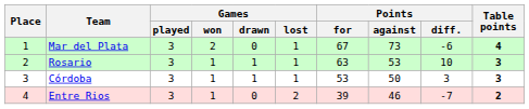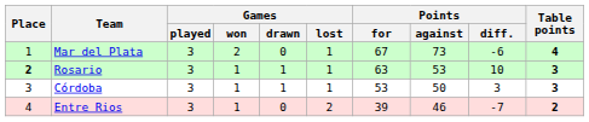 <table class="wikitable">
 <tr>
 <th rowspan=2 width="8%">Place</th>
 <th rowspan=2 width="20%">Team</th>
 <th colspan=4 width="32%">Games</th>
 <th colspan=3 width="30%">Points</th>
 <th rowspan=2 width="10%">Table<br>points</th>
 </tr>
 <tr>
 <th width="8%">played</th>
 <th width="8%">won</th>
 <th width="8%">drawn</th>
 <th width="8%">lost</th>
 <th width="10%">for</th>
 <th width="10%">against</th>
 <th width="10%">diff.</th>
 </tr>
 <tr align=center style="background: #ccffcc;">
 <td>1</td>
 <td align=left><a href='#'>Mar del Plata</a></td>
 <td>3</td>
 <td>2</td>
 <td>0</td>
 <td>1</td>
 <td>67</td>
 <td>73</td>
 <td>-6</td>
 <td><strong>4</strong></td>
 </tr>
 <tr align=center style="background: #ccffcc;">
-<td>2</td>
+<td><strong>2</strong></td>
 <td align=left><a href='#'>Rosario</a></td>
 <td>3</td>
 <td>1</td>
 <td>1</td>
 <td>1</td>
 <td>63</td>
 <td>53</td>
 <td>10</td>
 <td><strong>3</strong></td>
 </tr>
 <tr align=center style="background: #ffffff;">
 <td>3</td>
 <td align=left><a href='#'>Córdoba</a></td>
 <td>3</td>
 <td>1</td>
 <td>1</td>
 <td>1</td>
 <td>53</td>
 <td>50</td>
 <td>3</td>
 <td><strong>3</strong></td>
 </tr>
 <tr align=center style="background: #ffdddd;">
 <td>4</td>
 <td align=left><a href='#'>Entre Rios</a></td>
 <td>3</td>
 <td>1</td>
 <td>0</td>
 <td>2</td>
 <td>39</td>
 <td>46</td>
 <td>-7</td>
 <td><strong>2</strong></td>
 </tr>
 </table>
